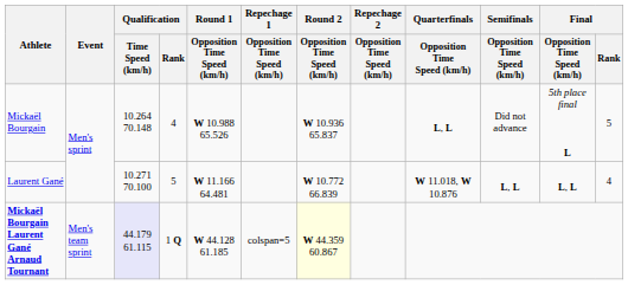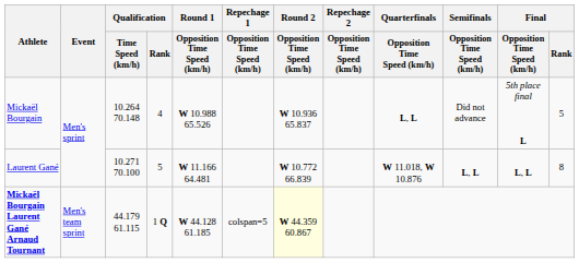 <table class="wikitable" style="font-size:90%">
 <tr>
 <th rowspan="2">Athlete</th>
 <th rowspan="2">Event</th>
 <th colspan=2>Qualification</th>
 <th>Round 1</th>
 <th>Repechage 1</th>
 <th>Round 2</th>
 <th>Repechage 2</th>
 <th>Quarterfinals</th>
 <th>Semifinals</th>
 <th colspan=2>Final</th>
 </tr>
 <tr style="font-size:95%">
 <th>Time<br>Speed (km/h)</th>
 <th>Rank</th>
 <th>Opposition<br>Time<br>Speed (km/h)</th>
 <th>Opposition<br>Time<br>Speed (km/h)</th>
 <th>Opposition<br>Time<br>Speed (km/h)</th>
 <th>Opposition<br>Time<br>Speed (km/h)</th>
 <th>Opposition<br>Time<br>Speed (km/h)</th>
 <th>Opposition<br>Time<br>Speed (km/h)</th>
 <th>Opposition<br>Time<br>Speed (km/h)</th>
 <th>Rank</th>
 </tr>
 <tr align=center>
 <td align=left><a href='#'>Mickaël Bourgain</a></td>
 <td align=left rowspan=2><a href='#'>Men's sprint</a></td>
 <td>10.264<br>70.148</td>
 <td>4</td>
 <td><br><strong>W</strong> 10.988<br>65.526</td>
 <td></td>
 <td><br><strong>W</strong> 10.936<br>65.837</td>
 <td></td>
 <td><br><strong>L</strong>, <strong>L</strong></td>
 <td>Did not advance</td>
 <td><em>5th place final</em><br><br><br><br><strong>L</strong></td>
 <td>5</td>
 </tr>
 <tr align=center>
 <td align=left><a href='#'>Laurent Gané</a></td>
 <td>10.271<br>70.100</td>
 <td>5</td>
 <td><br><strong>W</strong> 11.166<br>64.481</td>
 <td></td>
 <td><br><strong>W</strong> 10.772<br>66.839</td>
 <td></td>
 <td><br><strong>W</strong> 11.018, <strong>W</strong> 10.876</td>
 <td><br><strong>L</strong>, <strong>L</strong></td>
 <td><br><strong>L</strong>, <strong>L</strong></td>
-<td>4</td>
+<td>8</td>
 </tr>
 <tr align=center>
 <td align=left><strong><a href='#'>Mickaël Bourgain</a><br><a href='#'>Laurent Gané</a><br><a href='#'>Arnaud Tournant</a></strong></td>
 <td align=left><a href='#'>Men's team sprint</a></td>
-<td style="background: lavender;">44.179<br>61.115</td>
+<td>44.179<br>61.115</td>
 <td>1 <strong>Q</strong></td>
 <td><br><strong>W</strong> 44.128<br>61.185</td>
 <td>colspan=5 </td>
 <td style="background: lightyellow;"><br><strong>W</strong> 44.359<br>60.867</td>
 <td></td>
 </tr>
 </table>
